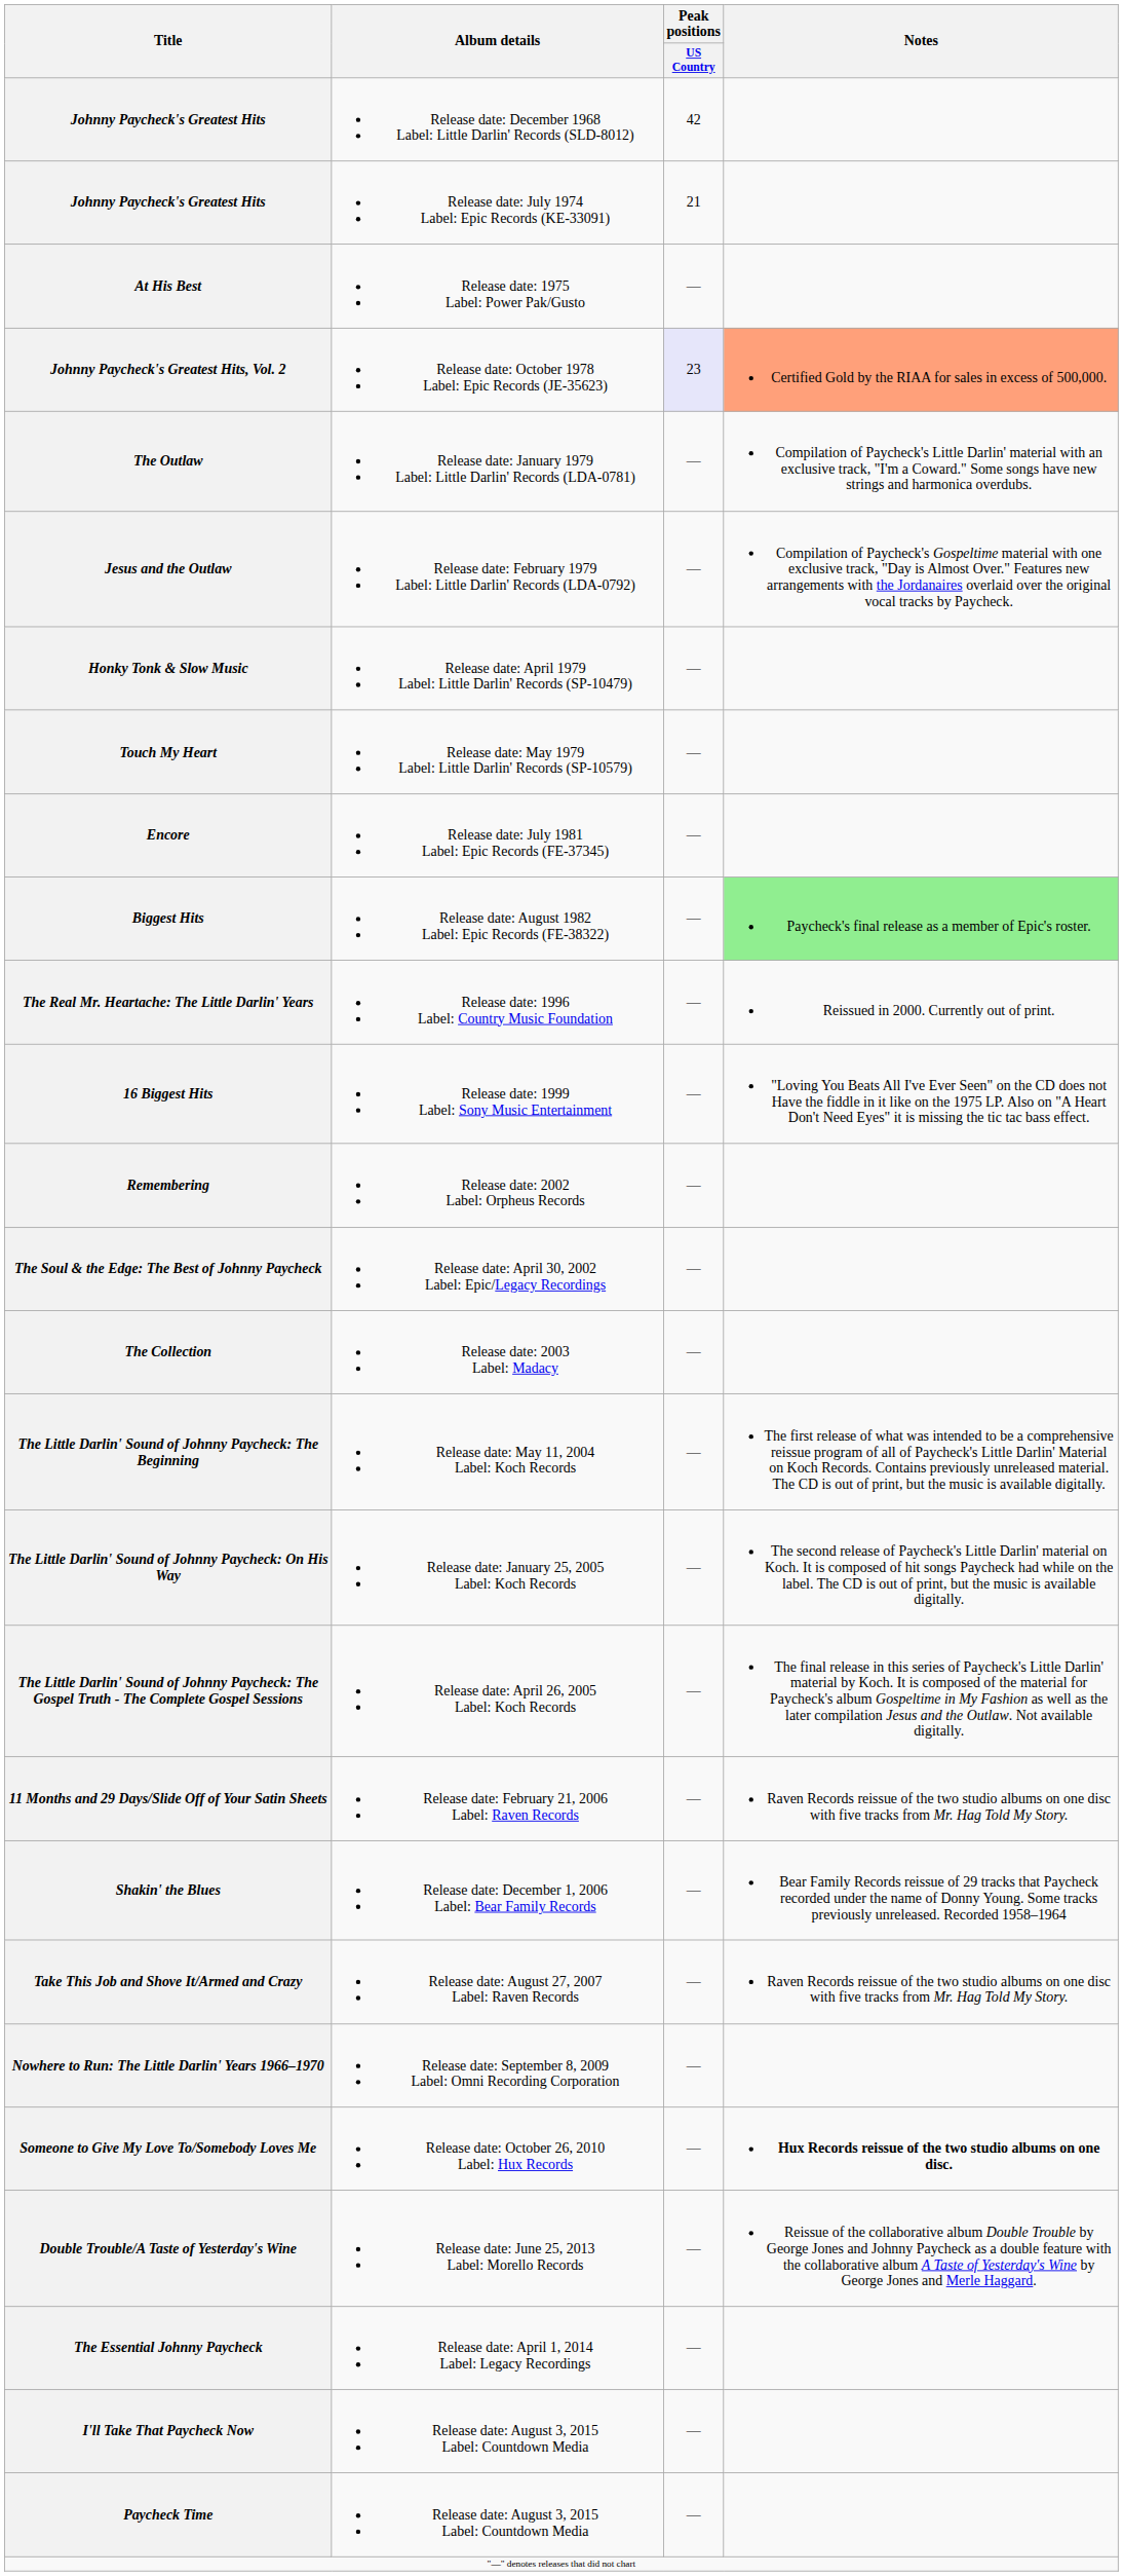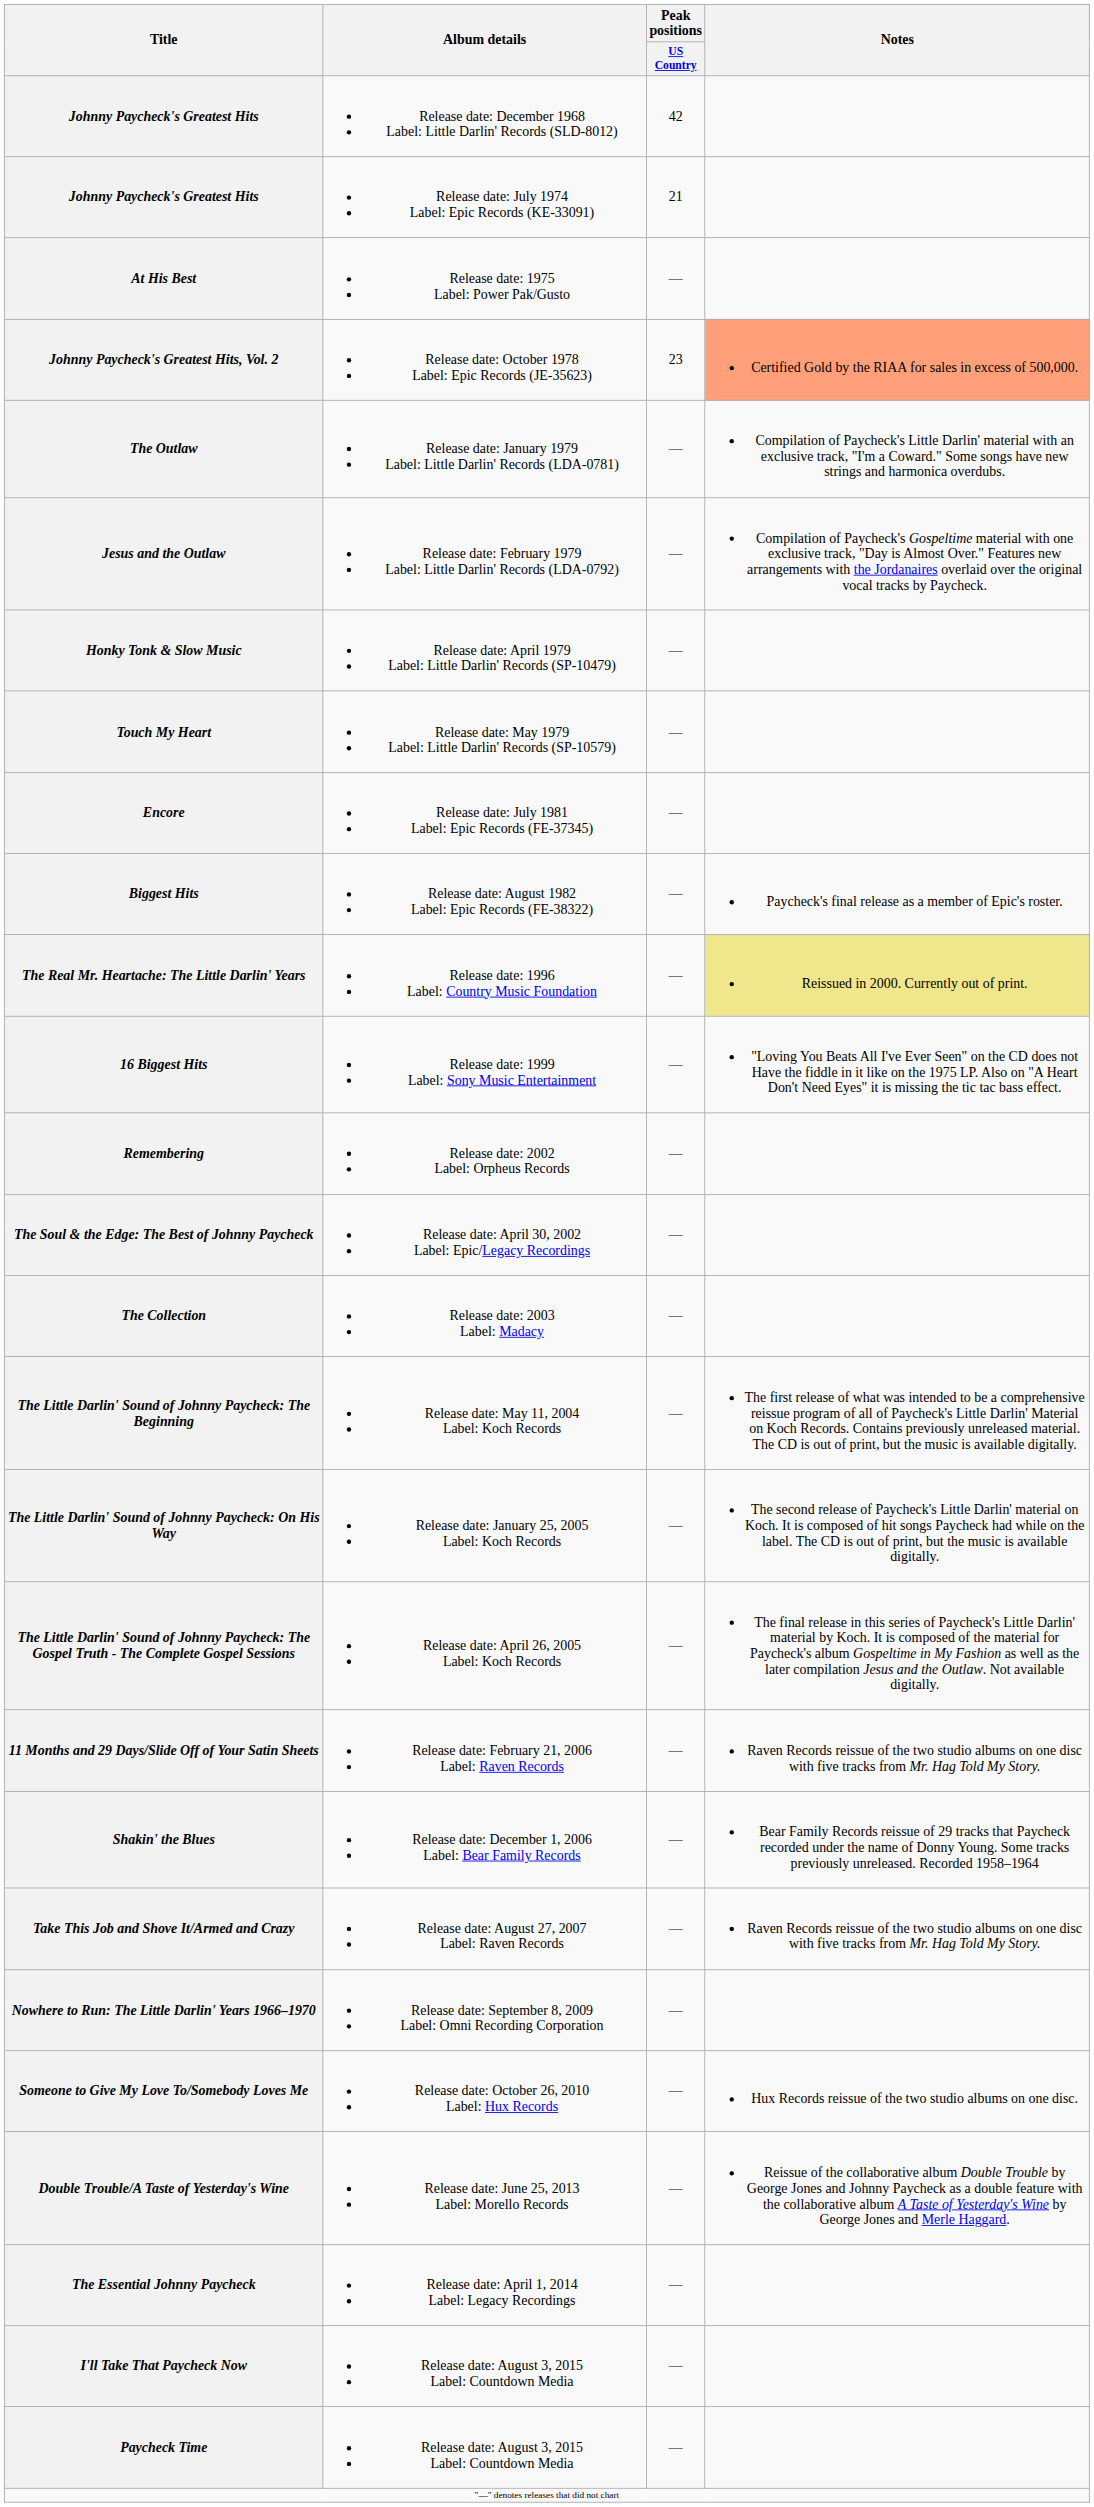 <table class="wikitable plainrowheaders" style="text-align:center;">
 <tr>
 <th rowspan="2" style="width:25em;">Title</th>
 <th rowspan="2" style="width:25em;">Album details</th>
 <th>Peak positions</th>
 <th rowspan="2" style="width:30em;">Notes</th>
 </tr>
 <tr style="font-size:smaller;">
 <th style="width:45px;"><a href='#'>US Country</a></th>
 </tr>
 <tr>
 <th scope="row"><em>Johnny Paycheck's Greatest Hits</em></th>
 <td><br><ul><li>Release date: December 1968</li><li>Label: Little Darlin' Records (SLD-8012)</li></ul></td>
 <td>42</td>
 <td></td>
 </tr>
 <tr>
 <th scope="row"><em>Johnny Paycheck's Greatest Hits</em></th>
 <td><br><ul><li>Release date: July 1974</li><li>Label: Epic Records (KE-33091)</li></ul></td>
 <td>21</td>
 <td></td>
 </tr>
 <tr>
 <th scope="row"><em>At His Best</em></th>
 <td><br><ul><li>Release date: 1975</li><li>Label: Power Pak/Gusto</li></ul></td>
 <td>—</td>
 <td></td>
 </tr>
 <tr>
 <th scope="row"><em>Johnny Paycheck's Greatest Hits, Vol. 2</em></th>
 <td><br><ul><li>Release date: October 1978</li><li>Label: Epic Records (JE-35623)</li></ul></td>
-<td style="background: lavender;">23</td>
+<td>23</td>
 <td style="background: lightsalmon;"><br><ul><li>Certified Gold by the RIAA for sales in excess of 500,000.</li></ul></td>
 </tr>
 <tr>
 <th scope="row"><em>The Outlaw</em></th>
 <td><br><ul><li>Release date: January 1979</li><li>Label: Little Darlin' Records (LDA-0781)</li></ul></td>
 <td>—</td>
 <td><br><ul><li>Compilation of Paycheck's Little Darlin' material with an exclusive track, "I'm a Coward."  Some songs have new strings and harmonica overdubs.</li></ul></td>
 </tr>
 <tr>
 <th scope="row"><em>Jesus and the Outlaw</em></th>
 <td><br><ul><li>Release date: February 1979</li><li>Label: Little Darlin' Records (LDA-0792)</li></ul></td>
 <td>—</td>
 <td><br><ul><li>Compilation of Paycheck's <em>Gospeltime</em> material with one exclusive track, "Day is Almost Over."  Features new arrangements with <a href='#'>the Jordanaires</a> overlaid over the original vocal tracks by Paycheck.</li></ul></td>
 </tr>
 <tr>
 <th scope="row"><em>Honky Tonk & Slow Music</em></th>
 <td><br><ul><li>Release date: April 1979</li><li>Label: Little Darlin' Records (SP-10479)</li></ul></td>
 <td>—</td>
 <td></td>
 </tr>
 <tr>
 <th scope="row"><em>Touch My Heart</em></th>
 <td><br><ul><li>Release date: May 1979</li><li>Label: Little Darlin' Records (SP-10579)</li></ul></td>
 <td>—</td>
 <td></td>
 </tr>
 <tr>
 <th scope="row"><em>Encore</em></th>
 <td><br><ul><li>Release date: July 1981</li><li>Label: Epic Records (FE-37345)</li></ul></td>
 <td>—</td>
 <td></td>
 </tr>
 <tr>
 <th scope="row"><em>Biggest Hits</em></th>
 <td><br><ul><li>Release date: August 1982</li><li>Label: Epic Records (FE-38322)</li></ul></td>
 <td>—</td>
-<td style="background: lightgreen;"><br><ul><li>Paycheck's final release as a member of Epic's roster.</li></ul></td>
+<td><br><ul><li>Paycheck's final release as a member of Epic's roster.</li></ul></td>
 </tr>
 <tr>
 <th scope="row"><em>The Real Mr. Heartache: The Little Darlin' Years</em></th>
 <td><br><ul><li>Release date: 1996</li><li>Label: <a href='#'>Country Music Foundation</a></li></ul></td>
 <td>—</td>
-<td><br><ul><li>Reissued in 2000. Currently out of print.</li></ul></td>
+<td style="background: khaki;"><br><ul><li>Reissued in 2000. Currently out of print.</li></ul></td>
 </tr>
 <tr>
 <th scope="row"><em>16 Biggest Hits</em></th>
 <td><br><ul><li>Release date: 1999</li><li>Label: <a href='#'>Sony Music Entertainment</a></li></ul></td>
 <td>—</td>
 <td><br><ul><li>"Loving You Beats All I've Ever Seen" on the CD does not Have the fiddle in it like on the 1975 LP. Also on "A Heart Don't Need Eyes" it is missing the tic tac bass effect.</li></ul></td>
 </tr>
 <tr>
 <th scope="row"><em>Remembering</em></th>
 <td><br><ul><li>Release date: 2002</li><li>Label: Orpheus Records</li></ul></td>
 <td>—</td>
 <td></td>
 </tr>
 <tr>
 <th scope="row"><em>The Soul & the Edge: The Best of Johnny Paycheck</em></th>
 <td><br><ul><li>Release date: April 30, 2002</li><li>Label: Epic/<a href='#'>Legacy Recordings</a></li></ul></td>
 <td>—</td>
 <td></td>
 </tr>
 <tr>
 <th scope="row"><em>The Collection</em></th>
 <td><br><ul><li>Release date: 2003</li><li>Label: <a href='#'>Madacy</a></li></ul></td>
 <td>—</td>
 <td></td>
 </tr>
 <tr>
 <th scope="row"><em>The Little Darlin' Sound of Johnny Paycheck: The Beginning</em></th>
 <td><br><ul><li>Release date: May 11, 2004</li><li>Label: Koch Records</li></ul></td>
 <td>—</td>
 <td><br><ul><li>The first release of what was intended to be a comprehensive reissue program of all of Paycheck's Little Darlin' Material on Koch Records. Contains previously unreleased material.  The CD is out of print, but the music is available digitally.</li></ul></td>
 </tr>
 <tr>
 <th scope="row"><em>The Little Darlin' Sound of Johnny Paycheck: On His Way</em></th>
 <td><br><ul><li>Release date: January 25, 2005</li><li>Label: Koch Records</li></ul></td>
 <td>—</td>
 <td><br><ul><li>The second release of Paycheck's Little Darlin' material on Koch. It is composed of hit songs Paycheck had while on the label.  The CD is out of print, but the music is available digitally.</li></ul></td>
 </tr>
 <tr>
 <th scope="row"><em>The Little Darlin' Sound of Johnny Paycheck: The Gospel Truth - The Complete Gospel Sessions</em></th>
 <td><br><ul><li>Release date: April 26, 2005</li><li>Label: Koch Records</li></ul></td>
 <td>—</td>
 <td><br><ul><li>The final release in this series of Paycheck's Little Darlin' material by Koch. It is composed of the material for Paycheck's album <em>Gospeltime in My Fashion</em> as well as the later compilation <em>Jesus and the Outlaw</em>.  Not available digitally.</li></ul></td>
 </tr>
 <tr>
 <th scope="row"><em>11 Months and 29 Days/Slide Off of Your Satin Sheets</em></th>
 <td><br><ul><li>Release date: February 21, 2006</li><li>Label: <a href='#'>Raven Records</a></li></ul></td>
 <td>—</td>
 <td><br><ul><li>Raven Records reissue of the two studio albums on one disc with five tracks from <em>Mr. Hag Told My Story.</em></li></ul></td>
 </tr>
 <tr>
 <th scope="row"><em>Shakin' the Blues</em></th>
 <td><br><ul><li>Release date: December 1, 2006</li><li>Label: <a href='#'>Bear Family Records</a></li></ul></td>
 <td>—</td>
 <td><br><ul><li>Bear Family Records reissue of 29 tracks that Paycheck recorded under the name of Donny Young. Some tracks previously unreleased. Recorded 1958–1964 </li></ul></td>
 </tr>
 <tr>
 <th scope="row"><em>Take This Job and Shove It/Armed and Crazy</em></th>
 <td><br><ul><li>Release date: August 27, 2007</li><li>Label: Raven Records</li></ul></td>
 <td>—</td>
 <td><br><ul><li>Raven Records reissue of the two studio albums on one disc with five tracks from <em>Mr. Hag Told My Story.</em></li></ul></td>
 </tr>
 <tr>
 <th scope="row"><em>Nowhere to Run: The Little Darlin' Years 1966–1970</em></th>
 <td><br><ul><li>Release date: September 8, 2009</li><li>Label: Omni Recording Corporation</li></ul></td>
 <td>—</td>
 <td></td>
 </tr>
 <tr>
 <th scope="row"><em>Someone to Give My Love To/Somebody Loves Me</em></th>
 <td><br><ul><li>Release date: October 26, 2010</li><li>Label: <a href='#'>Hux Records</a></li></ul></td>
 <td>—</td>
-<td><strong><br><ul><li>Hux Records reissue of the two studio albums on one disc.</li></ul></strong></td>
+<td><br><ul><li>Hux Records reissue of the two studio albums on one disc.</li></ul></td>
 </tr>
 <tr>
 <th scope="row"><em>Double Trouble/A Taste of Yesterday's Wine</em></th>
 <td><br><ul><li>Release date: June 25, 2013</li><li>Label: Morello Records</li></ul></td>
 <td>—</td>
 <td><br><ul><li>Reissue of the collaborative album <em>Double Trouble</em> by George Jones and Johnny Paycheck as a double feature with the collaborative album <em><a href='#'>A Taste of Yesterday's Wine</a></em> by George Jones and <a href='#'>Merle Haggard</a>.</li></ul></td>
 </tr>
 <tr>
 <th scope="row"><em>The Essential Johnny Paycheck</em></th>
 <td><br><ul><li>Release date: April 1, 2014</li><li>Label: Legacy Recordings</li></ul></td>
 <td>—</td>
 <td></td>
 </tr>
 <tr>
 <th scope="row"><em>I'll Take That Paycheck Now</em></th>
 <td><br><ul><li>Release date: August 3, 2015</li><li>Label: Countdown Media</li></ul></td>
 <td>—</td>
 <td></td>
 </tr>
 <tr>
 <th scope="row"><em>Paycheck Time</em></th>
 <td><br><ul><li>Release date: August 3, 2015</li><li>Label: Countdown Media</li></ul></td>
 <td>—</td>
 <td></td>
 </tr>
 <tr>
 <td colspan="5" style="font-size:8pt">"—" denotes releases that did not chart</td>
 </tr>
 </table>
